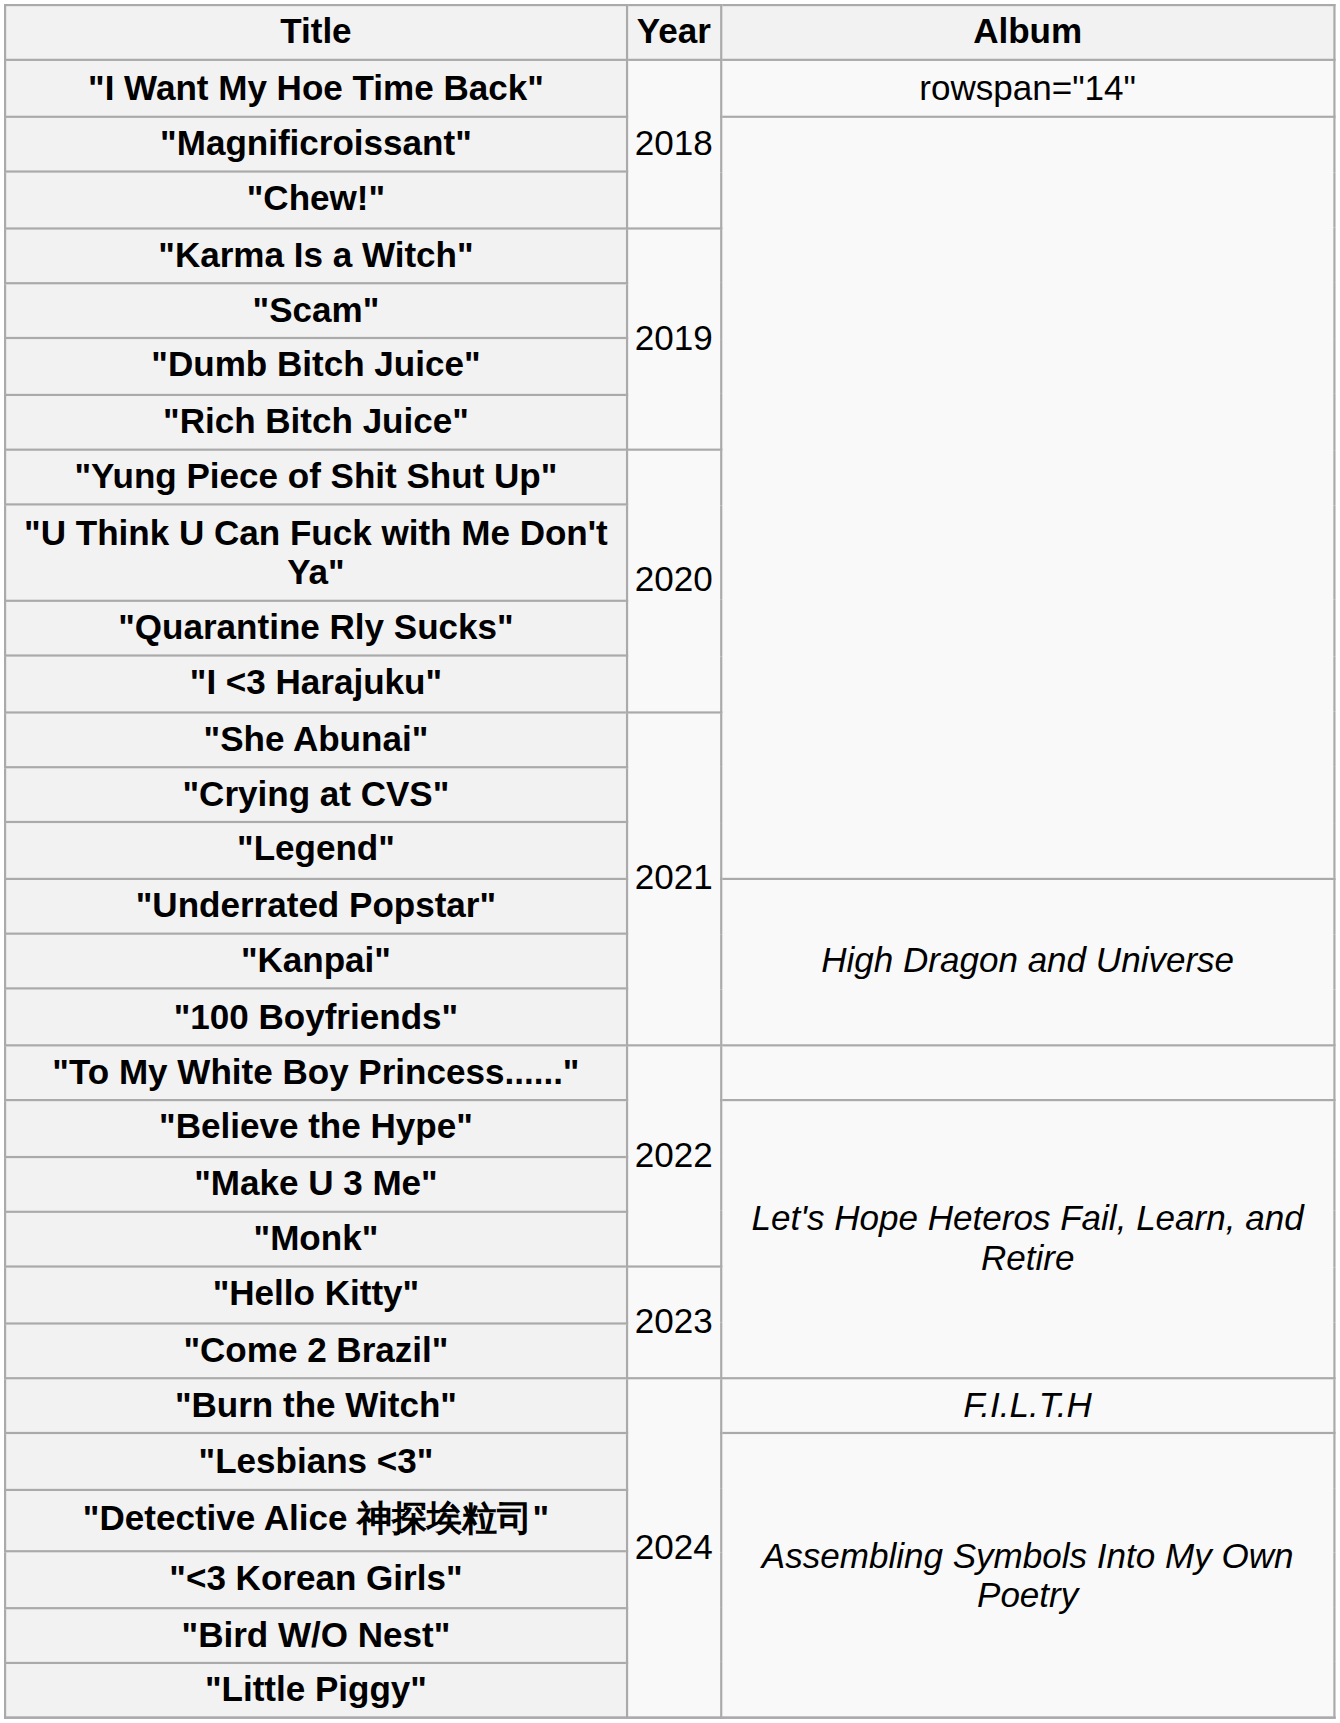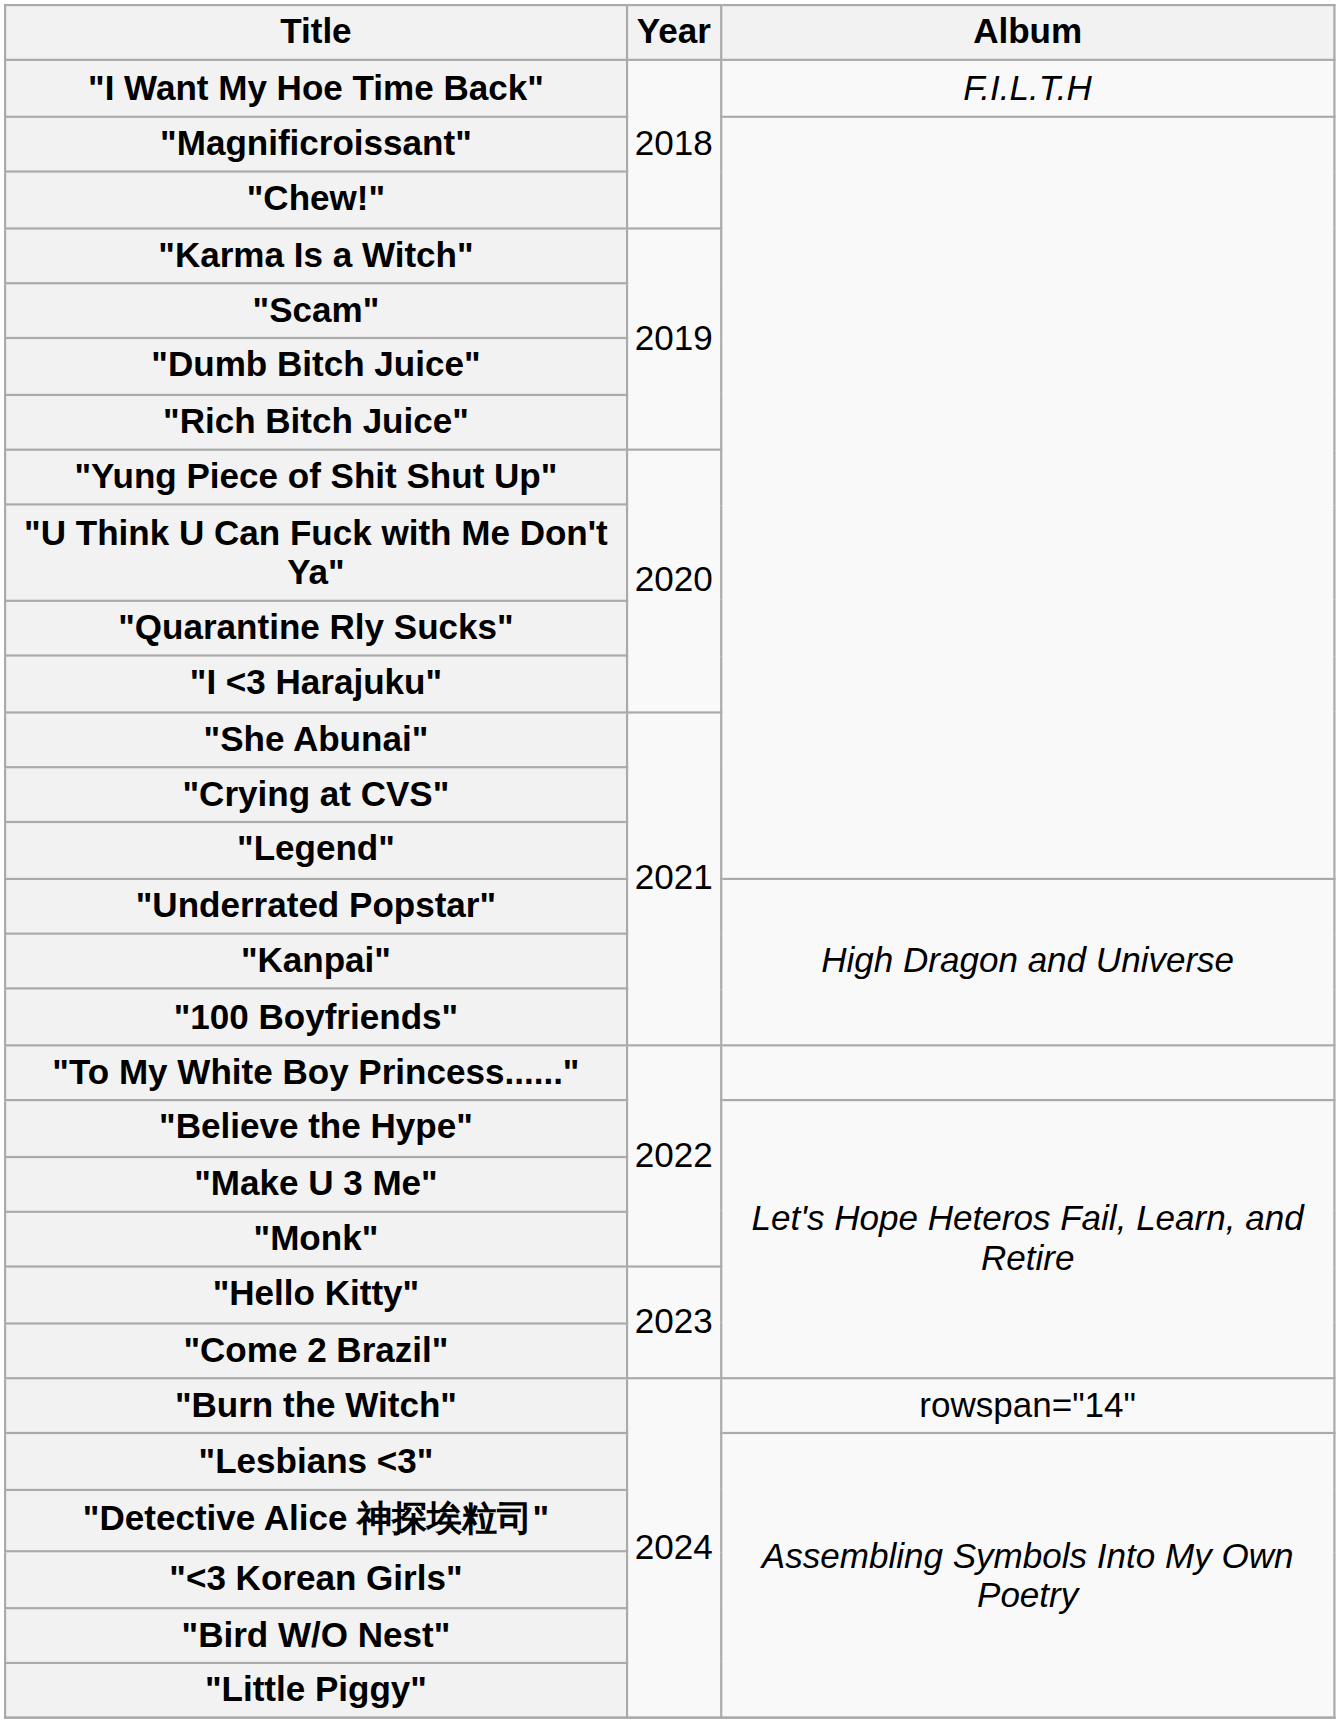 <table class="wikitable plainrowheaders" style="text-align:center">
 <tr>
 <th scope="col">Title</th>
 <th scope="col">Year</th>
 <th scope="col">Album</th>
 </tr>
 <tr>
 <th scope="row">"I Want My Hoe Time Back"</th>
 <td rowspan="3">2018</td>
-<td>rowspan="14" </td>
+<td><em>F.I.L.T.H</em></td>
 </tr>
 <tr>
 <th scope="row">"Magnificroissant"</th>
 </tr>
 <tr>
 <th scope="row">"Chew!"</th>
 </tr>
 <tr>
 <th scope="row">"Karma Is a Witch"</th>
 <td rowspan="4">2019</td>
 </tr>
 <tr>
 <th scope="row">"Scam"</th>
 </tr>
 <tr>
 <th scope="row">"Dumb Bitch Juice"</th>
 </tr>
 <tr>
 <th scope="row">"Rich Bitch Juice"</th>
 </tr>
 <tr>
 <th scope="row">"Yung Piece of Shit Shut Up"</th>
 <td rowspan="4">2020</td>
 </tr>
 <tr>
 <th scope="row">"U Think U Can Fuck with Me Don't Ya"</th>
 </tr>
 <tr>
 <th scope="row">"Quarantine Rly Sucks"</th>
 </tr>
 <tr>
 <th scope="row">"I <3 Harajuku"<br></th>
 </tr>
 <tr>
 <th scope="row">"She Abunai"<br></th>
 <td rowspan="6">2021</td>
 </tr>
 <tr>
 <th scope="row">"Crying at CVS"<br></th>
 </tr>
 <tr>
 <th scope="row">"Legend"<br></th>
 </tr>
 <tr>
 <th scope="row">"Underrated Popstar"</th>
 <td rowspan="3"><em>High Dragon and Universe</em></td>
 </tr>
 <tr>
 <th scope="row">"Kanpai"</th>
 </tr>
 <tr>
 <th scope="row">"100 Boyfriends"</th>
 </tr>
 <tr>
 <th scope="row">"To My White Boy Princess......"</th>
 <td rowspan="4">2022</td>
 <td></td>
 </tr>
 <tr>
 <th scope="row">"Believe the Hype"<br></th>
 <td rowspan="5"><em>Let's Hope Heteros Fail, Learn, and Retire</em></td>
 </tr>
 <tr>
 <th scope="row">"Make U 3 Me"</th>
 </tr>
 <tr>
 <th scope="row">"Monk"</th>
 </tr>
 <tr>
 <th scope="row">"Hello Kitty"</th>
 <td rowspan="2">2023</td>
 </tr>
 <tr>
 <th scope="row">"Come 2 Brazil"</th>
 </tr>
 <tr>
 <th scope="row">"Burn the Witch" <br> </th>
 <td rowspan="6">2024</td>
-<td><em>F.I.L.T.H</em></td>
+<td>rowspan="14" </td>
 </tr>
 <tr>
 <th scope="row">"Lesbians <3"</th>
 <td rowspan="5"><em>Assembling Symbols Into My Own Poetry</em></td>
 </tr>
 <tr>
 <th scope="row">"Detective Alice 神探埃粒司"</th>
 </tr>
 <tr>
 <th scope="row">"<3 Korean Girls"<br></th>
 </tr>
 <tr>
 <th scope="row">"Bird W/O Nest"<br></th>
 </tr>
 <tr>
 <th scope="row">"Little Piggy"</th>
 </tr>
 <tr>
 </tr>
 </table>
